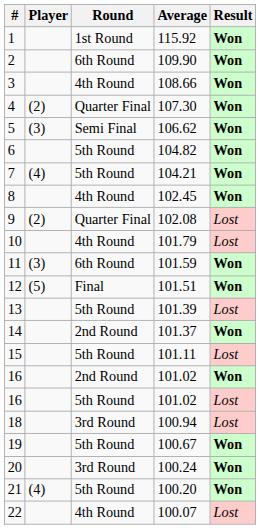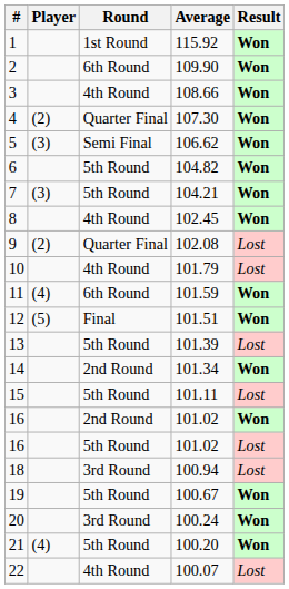 <table class ="wikitable sortable">
 <tr>
 <th>#</th>
 <th>Player</th>
 <th>Round</th>
 <th>Average</th>
 <th>Result</th>
 </tr>
 <tr>
 <td>1</td>
 <td></td>
 <td>1st Round</td>
 <td>115.92</td>
 <td style="background:#CCFFCC;"><strong>Won</strong></td>
 </tr>
 <tr>
 <td>2</td>
 <td></td>
 <td>6th Round</td>
 <td>109.90</td>
 <td style="background:#CCFFCC;"><strong>Won</strong></td>
 </tr>
 <tr>
 <td>3</td>
 <td></td>
 <td>4th Round</td>
 <td>108.66</td>
 <td style="background:#CCFFCC;"><strong>Won</strong></td>
 </tr>
 <tr>
 <td>4</td>
 <td> (2)</td>
 <td>Quarter Final</td>
 <td>107.30</td>
 <td style="background:#CCFFCC;"><strong>Won</strong></td>
 </tr>
 <tr>
 <td>5</td>
 <td> (3)</td>
 <td>Semi Final</td>
 <td>106.62</td>
 <td style="background:#CCFFCC;"><strong>Won</strong></td>
 </tr>
 <tr>
 <td>6</td>
 <td></td>
 <td>5th Round</td>
 <td>104.82</td>
 <td style="background:#CCFFCC;"><strong>Won</strong></td>
 </tr>
 <tr>
 <td>7</td>
-<td> (4)</td>
+<td> (3)</td>
 <td>5th Round</td>
 <td>104.21</td>
 <td style="background:#CCFFCC;"><strong>Won</strong></td>
 </tr>
 <tr>
 <td>8</td>
 <td></td>
 <td>4th Round</td>
 <td>102.45</td>
 <td style="background:#CCFFCC;"><strong>Won</strong></td>
 </tr>
 <tr>
 <td>9</td>
 <td> (2)</td>
 <td>Quarter Final</td>
 <td>102.08</td>
 <td style="background:#FFccCC;"><em>Lost</em></td>
 </tr>
 <tr>
 <td>10</td>
 <td></td>
 <td>4th Round</td>
 <td>101.79</td>
 <td style="background:#FFccCC;"><em>Lost</em></td>
 </tr>
 <tr>
 <td>11</td>
-<td> (3)</td>
+<td> (4)</td>
 <td>6th Round</td>
 <td>101.59</td>
 <td style="background:#CCFFCC;"><strong>Won</strong></td>
 </tr>
 <tr>
 <td>12</td>
 <td> (5)</td>
 <td>Final</td>
 <td>101.51</td>
 <td style="background:#CCFFCC;"><strong>Won</strong></td>
 </tr>
 <tr>
 <td>13</td>
 <td></td>
 <td>5th Round</td>
 <td>101.39</td>
 <td style="background:#FFccCC;"><em>Lost</em></td>
 </tr>
 <tr>
 <td>14</td>
 <td></td>
 <td>2nd Round</td>
-<td>101.37</td>
+<td>101.34</td>
 <td style="background:#CCFFCC;"><strong>Won</strong></td>
 </tr>
 <tr>
 <td>15</td>
 <td></td>
 <td>5th Round</td>
 <td>101.11</td>
 <td style="background:#FFccCC;"><em>Lost</em></td>
 </tr>
 <tr>
 <td>16</td>
 <td></td>
 <td>2nd Round</td>
 <td>101.02</td>
 <td style="background:#CCFFCC;"><strong>Won</strong></td>
 </tr>
 <tr>
 <td>16</td>
 <td></td>
 <td>5th Round</td>
 <td>101.02</td>
 <td style="background:#FFccCC;"><em>Lost</em></td>
 </tr>
 <tr>
 <td>18</td>
 <td></td>
 <td>3rd Round</td>
 <td>100.94</td>
 <td style="background:#FFccCC;"><em>Lost</em></td>
 </tr>
 <tr>
 <td>19</td>
 <td></td>
 <td>5th Round</td>
 <td>100.67</td>
 <td style="background:#CCFFCC;"><strong>Won</strong></td>
 </tr>
 <tr>
 <td>20</td>
 <td></td>
 <td>3rd Round</td>
 <td>100.24</td>
 <td style="background:#CCFFCC;"><strong>Won</strong></td>
 </tr>
 <tr>
 <td>21</td>
 <td> (4)</td>
 <td>5th Round</td>
 <td>100.20</td>
 <td style="background:#CCFFCC;"><strong>Won</strong></td>
 </tr>
 <tr>
 <td>22</td>
 <td></td>
 <td>4th Round</td>
 <td>100.07</td>
 <td style="background:#FFccCC;"><em>Lost</em></td>
 </tr>
 </table>
